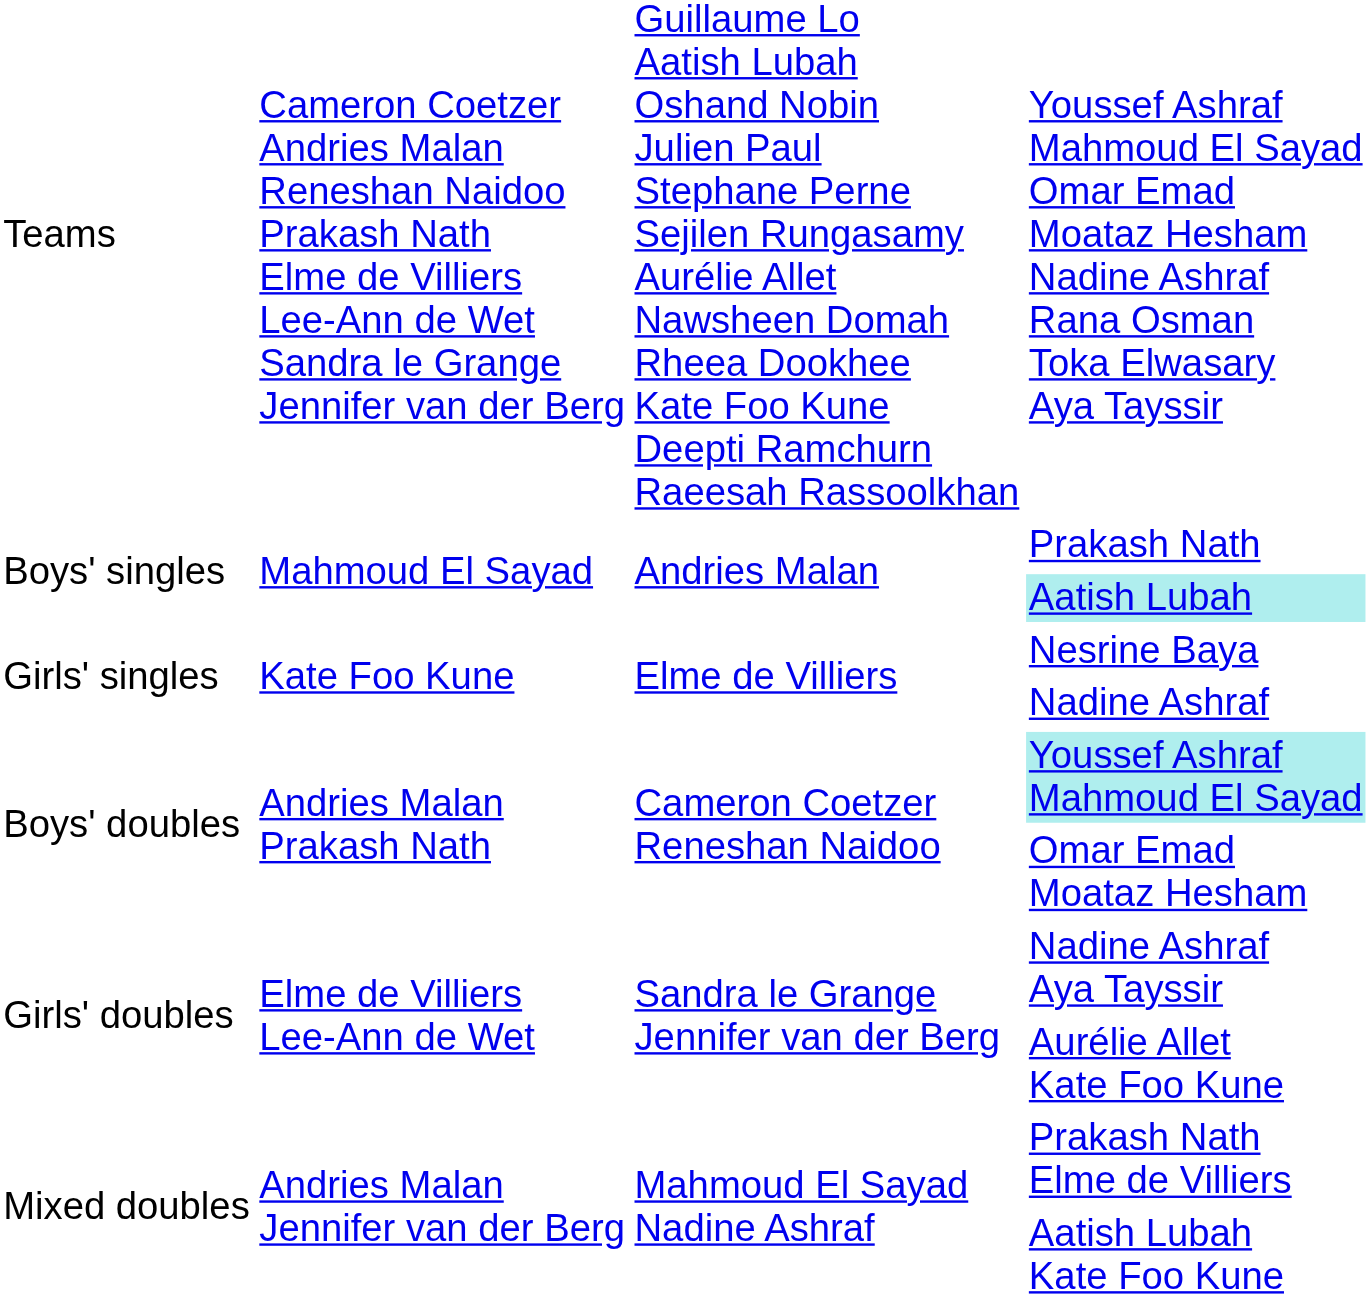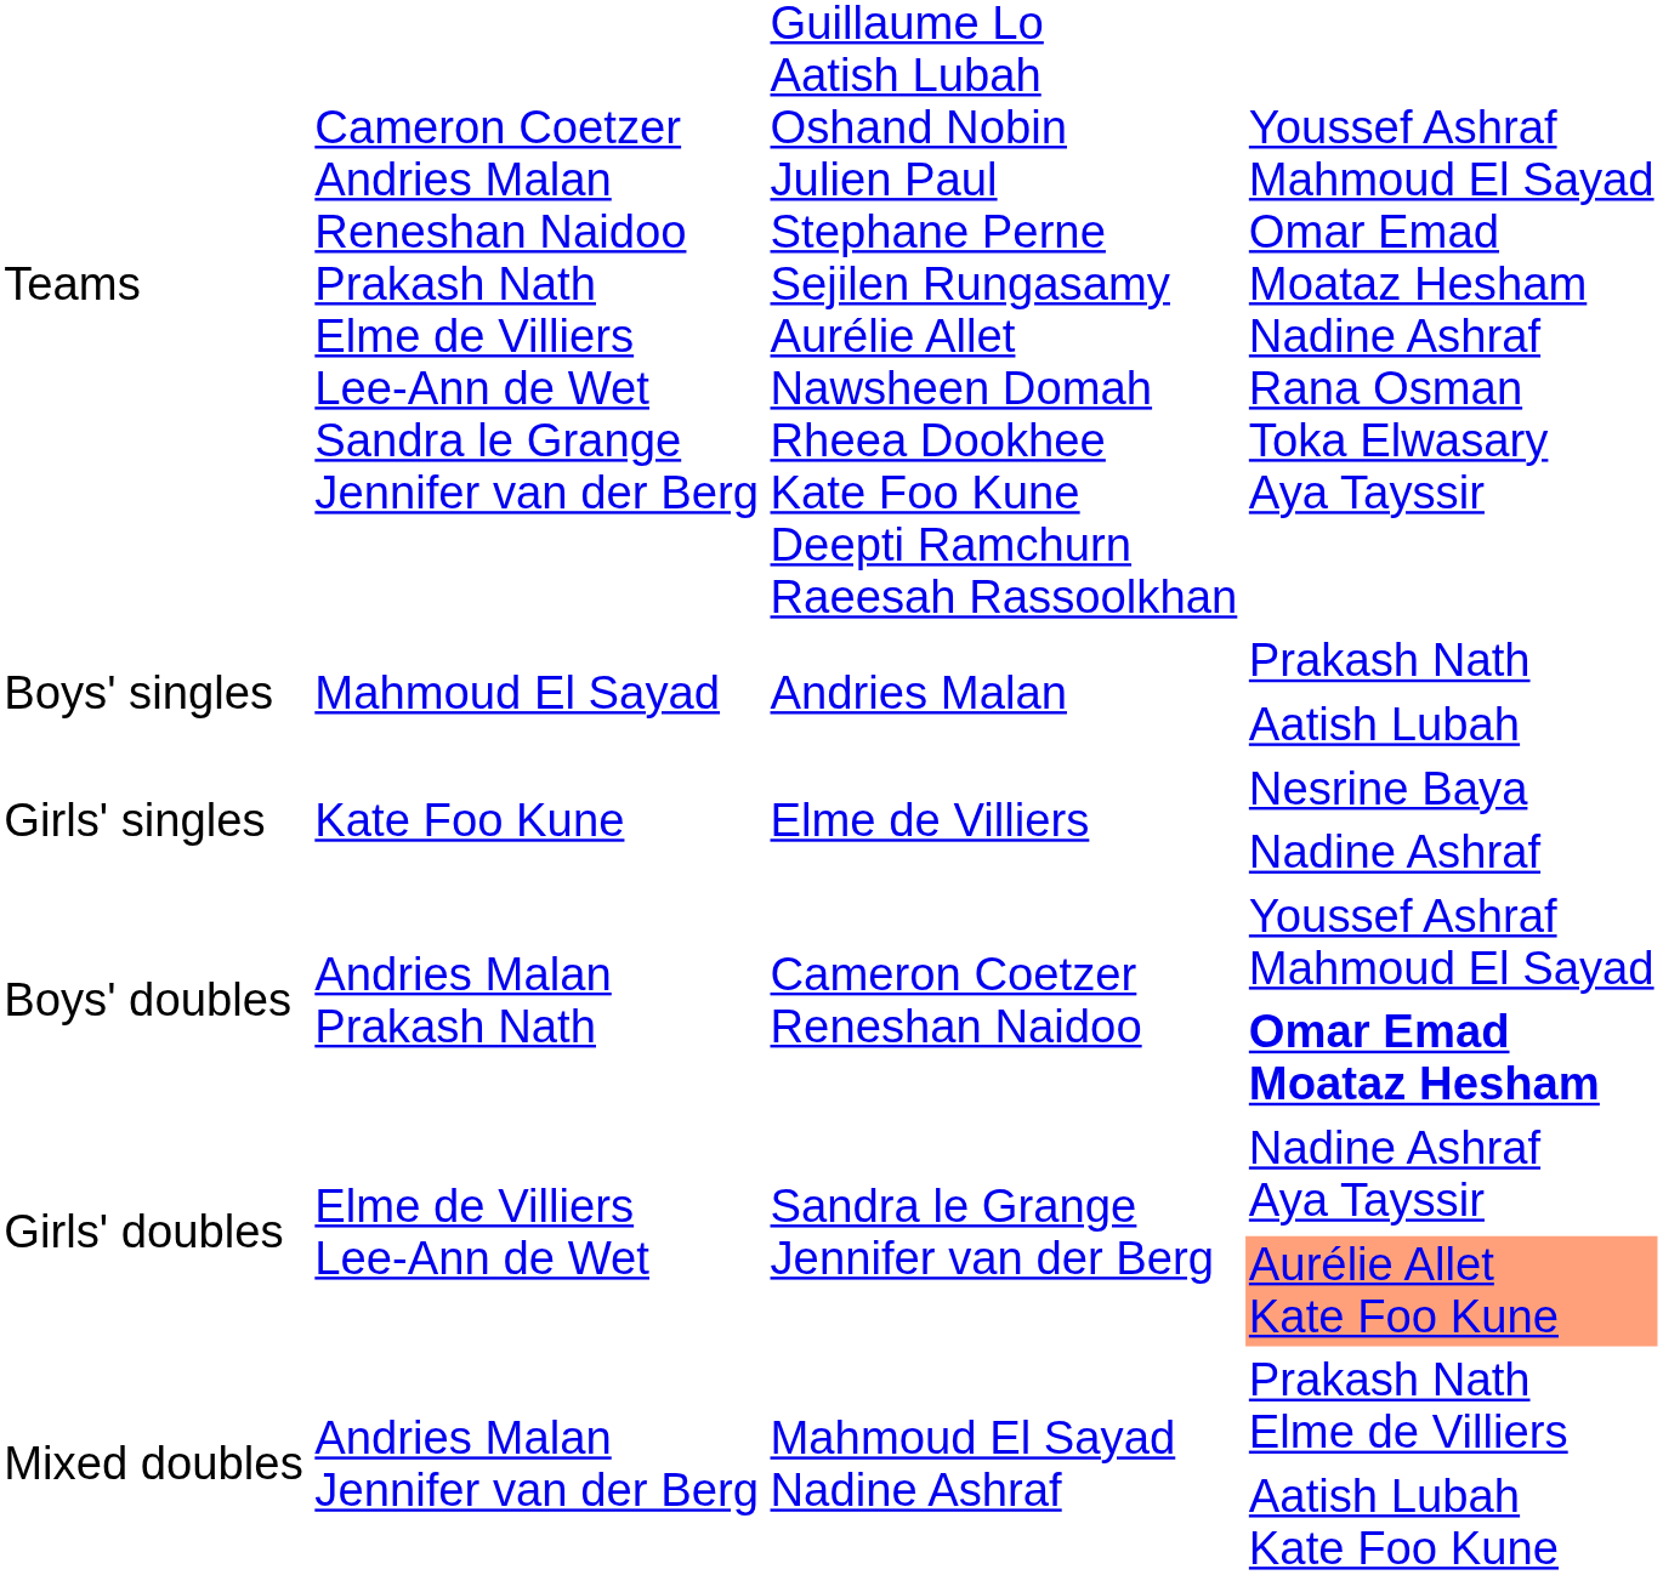 <table>
 <tr>
 <td>Teams</td>
 <td><br><a href='#'>Cameron Coetzer</a><br><a href='#'>Andries Malan</a><br><a href='#'>Reneshan Naidoo</a><br><a href='#'>Prakash Nath</a><br><a href='#'>Elme de Villiers</a><br><a href='#'>Lee-Ann de Wet</a><br><a href='#'>Sandra le Grange</a><br><a href='#'>Jennifer van der Berg</a></td>
 <td><br><a href='#'>Guillaume Lo</a><br><a href='#'>Aatish Lubah</a><br><a href='#'>Oshand Nobin</a><br><a href='#'>Julien Paul</a><br><a href='#'>Stephane Perne</a><br><a href='#'>Sejilen Rungasamy</a><br><a href='#'>Aurélie Allet</a><br><a href='#'>Nawsheen Domah</a><br><a href='#'>Rheea Dookhee</a><br><a href='#'>Kate Foo Kune</a><br><a href='#'>Deepti Ramchurn</a><br><a href='#'>Raeesah Rassoolkhan</a></td>
 <td><br><a href='#'>Youssef Ashraf</a><br><a href='#'>Mahmoud El Sayad</a><br><a href='#'>Omar Emad</a><br><a href='#'>Moataz Hesham</a><br><a href='#'>Nadine Ashraf</a><br><a href='#'>Rana Osman</a><br><a href='#'>Toka Elwasary</a><br><a href='#'>Aya Tayssir</a></td>
 </tr>
 <tr>
 <td rowspan=2>Boys' singles</td>
 <td rowspan=2> <a href='#'>Mahmoud El Sayad</a></td>
 <td rowspan=2> <a href='#'>Andries Malan</a></td>
 <td> <a href='#'>Prakash Nath</a></td>
 </tr>
 <tr>
-<td style="background: paleturquoise;"> <a href='#'>Aatish Lubah</a></td>
+<td> <a href='#'>Aatish Lubah</a></td>
 </tr>
 <tr>
 <td rowspan=2>Girls' singles</td>
 <td rowspan=2> <a href='#'>Kate Foo Kune</a></td>
 <td rowspan=2> <a href='#'>Elme de Villiers</a></td>
 <td> <a href='#'>Nesrine Baya</a></td>
 </tr>
 <tr>
 <td> <a href='#'>Nadine Ashraf</a></td>
 </tr>
 <tr>
 <td rowspan=2>Boys' doubles</td>
 <td rowspan=2> <a href='#'>Andries Malan</a><br> <a href='#'>Prakash Nath</a></td>
 <td rowspan=2> <a href='#'>Cameron Coetzer</a><br> <a href='#'>Reneshan Naidoo</a></td>
-<td style="background: paleturquoise;"> <a href='#'>Youssef Ashraf</a><br> <a href='#'>Mahmoud El Sayad</a></td>
+<td> <a href='#'>Youssef Ashraf</a><br> <a href='#'>Mahmoud El Sayad</a></td>
 </tr>
 <tr>
-<td> <a href='#'>Omar Emad</a><br> <a href='#'>Moataz Hesham</a></td>
+<td><strong> <a href='#'>Omar Emad</a><br> <a href='#'>Moataz Hesham</a></strong></td>
 </tr>
 <tr>
 <td rowspan=2>Girls' doubles</td>
 <td rowspan=2> <a href='#'>Elme de Villiers</a><br> <a href='#'>Lee-Ann de Wet</a></td>
 <td rowspan=2> <a href='#'>Sandra le Grange</a><br> <a href='#'>Jennifer van der Berg</a></td>
 <td> <a href='#'>Nadine Ashraf</a><br> <a href='#'>Aya Tayssir</a></td>
 </tr>
 <tr>
-<td> <a href='#'>Aurélie Allet</a><br> <a href='#'>Kate Foo Kune</a></td>
+<td style="background: lightsalmon;"> <a href='#'>Aurélie Allet</a><br> <a href='#'>Kate Foo Kune</a></td>
 </tr>
 <tr>
 <td rowspan=2>Mixed doubles</td>
 <td rowspan=2> <a href='#'>Andries Malan</a><br> <a href='#'>Jennifer van der Berg</a></td>
 <td rowspan=2> <a href='#'>Mahmoud El Sayad</a><br> <a href='#'>Nadine Ashraf</a></td>
 <td> <a href='#'>Prakash Nath</a><br> <a href='#'>Elme de Villiers</a></td>
 </tr>
 <tr>
 <td> <a href='#'>Aatish Lubah</a><br> <a href='#'>Kate Foo Kune</a></td>
 </tr>
 </table>
